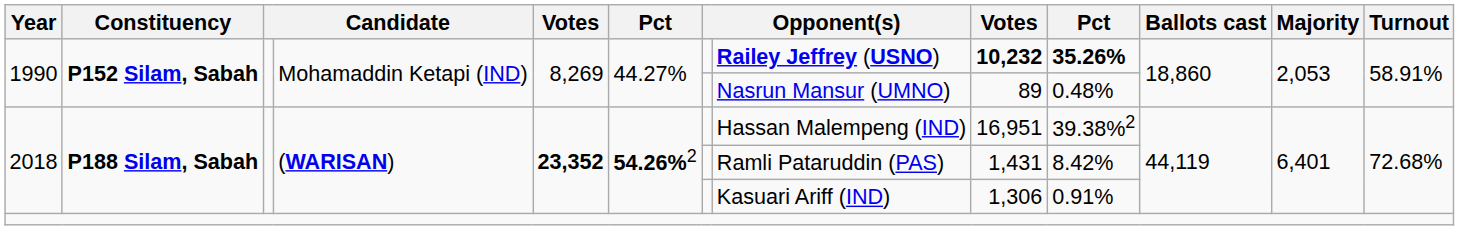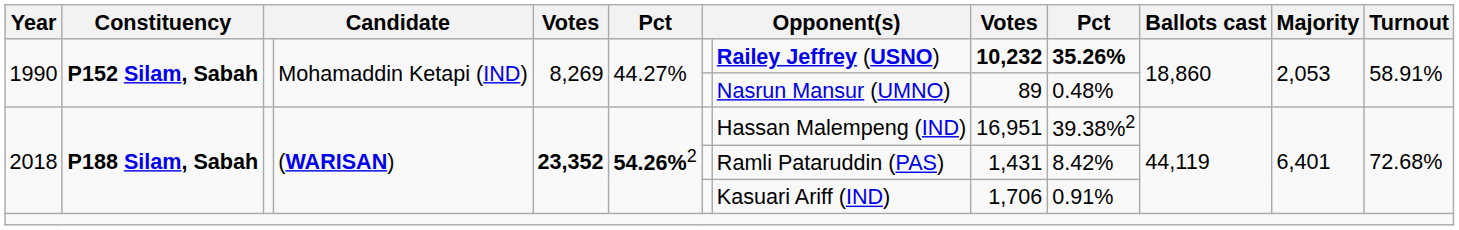 <table class="wikitable" style="margin:0.5em ; font-size:95%">
 <tr>
 <th>Year</th>
 <th>Constituency</th>
 <th colspan=2>Candidate</th>
 <th>Votes</th>
 <th>Pct</th>
 <th colspan=2>Opponent(s)</th>
 <th>Votes</th>
 <th>Pct</th>
 <th>Ballots cast</th>
 <th>Majority</th>
 <th>Turnout</th>
 </tr>
 <tr>
 <td rowspan=2>1990</td>
 <td rowspan=2><strong>P152 <a href='#'>Silam</a>, Sabah</strong></td>
 <td rowspan=2 ></td>
 <td rowspan=2>Mohamaddin Ketapi (<a href='#'>IND</a>)</td>
 <td rowspan=2 align="right">8,269</td>
 <td rowspan=2>44.27%</td>
 <td></td>
 <td><strong><a href='#'>Railey Jeffrey</a></strong> (<a href='#'><strong>USNO</strong></a>)</td>
 <td align="right"><strong>10,232</strong></td>
 <td><strong>35.26%</strong></td>
 <td rowspan=2>18,860</td>
 <td rowspan=2>2,053</td>
 <td rowspan=2>58.91%</td>
 </tr>
 <tr>
 <td></td>
 <td><a href='#'>Nasrun Mansur</a> (<a href='#'>UMNO</a>)</td>
 <td align="right">89</td>
 <td>0.48%</td>
 </tr>
 <tr>
 <td rowspan=3>2018</td>
 <td rowspan=3><strong>P188 <a href='#'>Silam</a>, Sabah</strong></td>
 <td rowspan=3 ></td>
 <td rowspan=3> (<a href='#'><strong>WARISAN</strong></a>)</td>
 <td rowspan=3 align="right"><strong>23,352</strong></td>
 <td rowspan=3><strong>54.26%</strong><sup>2</sup></td>
 <td></td>
 <td>Hassan Malempeng (<a href='#'>IND</a>)</td>
 <td align="right">16,951</td>
 <td>39.38%<sup>2</sup></td>
 <td rowspan=3>44,119</td>
 <td rowspan=3>6,401</td>
 <td rowspan=3>72.68%</td>
 </tr>
 <tr>
 <td></td>
 <td>Ramli Pataruddin (<a href='#'>PAS</a>)</td>
 <td align="right">1,431</td>
 <td>8.42%</td>
 </tr>
 <tr>
 <td></td>
 <td>Kasuari Ariff (<a href='#'>IND</a>)</td>
-<td align="right">1,306</td>
+<td align="right">1,706</td>
 <td>0.91%</td>
 </tr>
 <tr>
 <td colspan="13"></td>
 </tr>
 </table>
